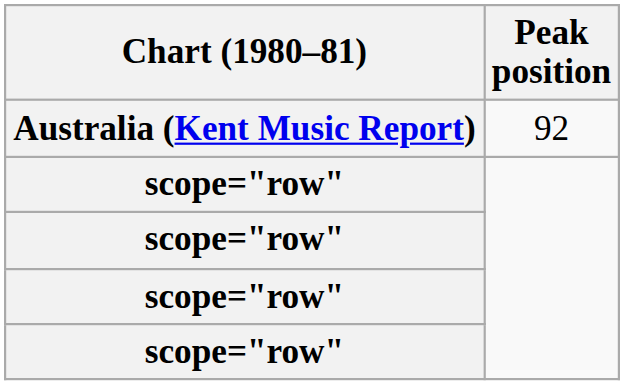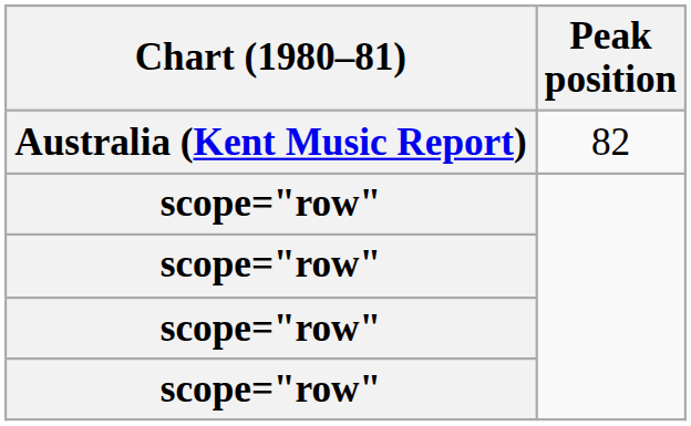 <table class="wikitable sortable plainrowheaders" style="text-align:center">
 <tr>
 <th scope="col">Chart (1980–81)</th>
 <th scope="col">Peak<br>position</th>
 </tr>
 <tr>
 <th scope="row">Australia (<a href='#'>Kent Music Report</a>)</th>
-<td>92</td>
+<td>82</td>
 </tr>
 <tr>
 <th>scope="row"</th>
 </tr>
 <tr>
 <th>scope="row"</th>
 </tr>
 <tr>
 <th>scope="row"</th>
 </tr>
 <tr>
 <th>scope="row"</th>
 </tr>
 </table>
